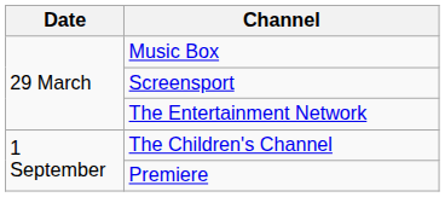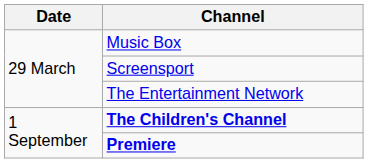 <table class="wikitable">
 <tr>
 <th width=90>Date</th>
 <th width=250>Channel</th>
 </tr>
 <tr>
 <td rowspan="3">29 March</td>
 <td><a href='#'>Music Box</a></td>
 </tr>
 <tr>
 <td><a href='#'>Screensport</a></td>
 </tr>
 <tr>
 <td><a href='#'>The Entertainment Network</a></td>
 </tr>
 <tr>
 <td rowspan="2">1 September</td>
-<td><a href='#'>The Children's Channel</a></td>
+<td><strong><a href='#'>The Children's Channel</a></strong></td>
 </tr>
 <tr>
-<td><a href='#'>Premiere</a></td>
+<td><strong><a href='#'>Premiere</a></strong></td>
 </tr>
 </table>
